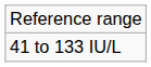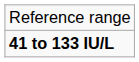 <table class="wikitable" align="right">
 <tr>
 <td>Reference range</td>
 </tr>
 <tr>
-<td>41 to 133 IU/L</td>
+<td><strong>41 to 133 IU/L</strong></td>
 </tr>
 </table>
